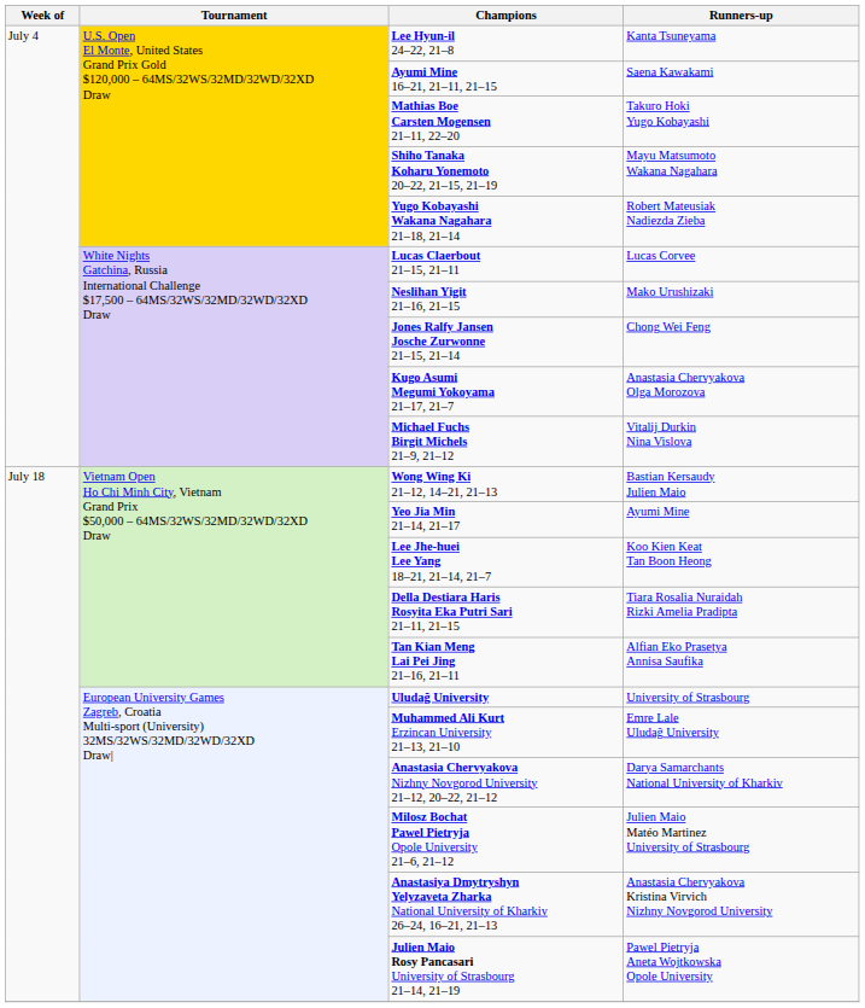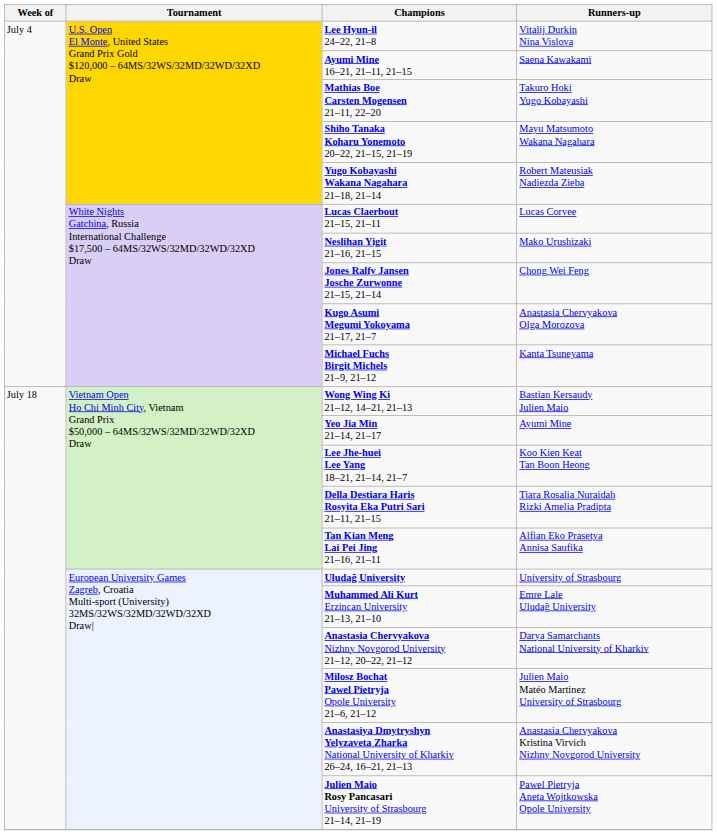 <table class=wikitable style=font-size:85%>
 <tr>
 <th width=75>Week of</th>
 <th width=330>Tournament</th>
 <th width=250>Champions</th>
 <th width=250>Runners-up</th>
 </tr>
 <tr valign=top>
 <td rowspan=10>July 4</td>
 <td style="background:gold;" rowspan="5"><a href='#'>U.S. Open</a><br><a href='#'>El Monte</a>, United States<br>Grand Prix Gold<br>$120,000 – 64MS/32WS/32MD/32WD/32XD<br>Draw</td>
 <td> <strong><a href='#'>Lee Hyun-il</a></strong><br>24–22, 21–8</td>
-<td> <a href='#'>Kanta Tsuneyama</a></td>
+<td> <a href='#'>Vitalij Durkin</a><br> <a href='#'>Nina Vislova</a></td>
 </tr>
 <tr valign=top>
 <td> <strong><a href='#'>Ayumi Mine</a></strong><br>16–21, 21–11, 21–15</td>
 <td> <a href='#'>Saena Kawakami</a></td>
 </tr>
 <tr valign=top>
 <td><strong> <a href='#'>Mathias Boe</a><br> <a href='#'>Carsten Mogensen</a></strong><br>21–11, 22–20</td>
 <td> <a href='#'>Takuro Hoki</a><br> <a href='#'>Yugo Kobayashi</a></td>
 </tr>
 <tr valign=top>
 <td><strong> <a href='#'>Shiho Tanaka</a><br> <a href='#'>Koharu Yonemoto</a></strong><br>20–22, 21–15, 21–19</td>
 <td> <a href='#'>Mayu Matsumoto</a><br> <a href='#'>Wakana Nagahara</a></td>
 </tr>
 <tr valign=top>
 <td><strong> <a href='#'>Yugo Kobayashi</a><br> <a href='#'>Wakana Nagahara</a></strong><br>21–18, 21–14</td>
 <td> <a href='#'>Robert Mateusiak</a><br> <a href='#'>Nadiezda Zieba</a></td>
 </tr>
 <tr valign=top>
 <td style="background:#D8CEF6;" rowspan="5"><a href='#'>White Nights</a><br><a href='#'>Gatchina</a>, Russia<br>International Challenge<br>$17,500 – 64MS/32WS/32MD/32WD/32XD<br>Draw</td>
 <td> <strong><a href='#'>Lucas Claerbout</a></strong><br> 21–15, 21–11</td>
 <td> <a href='#'>Lucas Corvee</a></td>
 </tr>
 <tr valign=top>
 <td> <strong><a href='#'>Neslihan Yigit</a></strong><br> 21–16, 21–15</td>
 <td> <a href='#'>Mako Urushizaki</a></td>
 </tr>
 <tr valign=top>
 <td><strong> <a href='#'>Jones Ralfy Jansen</a><br> <a href='#'>Josche Zurwonne</a></strong><br>21–15, 21–14</td>
 <td> <a href='#'>Chong Wei Feng</a></td>
 </tr>
 <tr valign=top>
 <td><strong> <a href='#'>Kugo Asumi</a><br> <a href='#'>Megumi Yokoyama</a></strong><br>21–17, 21–7</td>
 <td> <a href='#'>Anastasia Chervyakova</a><br> <a href='#'>Olga Morozova</a></td>
 </tr>
 <tr valign=top>
 <td><strong> <a href='#'>Michael Fuchs</a><br> <a href='#'>Birgit Michels</a></strong><br>21–9, 21–12</td>
-<td> <a href='#'>Vitalij Durkin</a><br> <a href='#'>Nina Vislova</a></td>
+<td> <a href='#'>Kanta Tsuneyama</a></td>
 </tr>
 <tr valign=top>
 <td rowspan=11>July 18</td>
 <td style="background:#D4F1C5;" rowspan="5"><a href='#'>Vietnam Open</a><br><a href='#'>Ho Chi Minh City</a>, Vietnam<br>Grand Prix<br>$50,000 – 64MS/32WS/32MD/32WD/32XD<br>Draw</td>
 <td> <strong><a href='#'>Wong Wing Ki</a></strong><br>21–12, 14–21, 21–13</td>
 <td> <a href='#'>Bastian Kersaudy</a><br> <a href='#'>Julien Maio</a></td>
 </tr>
 <tr valign=top>
 <td> <strong><a href='#'>Yeo Jia Min</a></strong><br>21–14, 21–17</td>
 <td> <a href='#'>Ayumi Mine</a></td>
 </tr>
 <tr valign=top>
 <td><strong> <a href='#'>Lee Jhe-huei</a><br> <a href='#'>Lee Yang</a></strong><br>18–21, 21–14, 21–7</td>
 <td> <a href='#'>Koo Kien Keat</a><br> <a href='#'>Tan Boon Heong</a></td>
 </tr>
 <tr valign=top>
 <td><strong> <a href='#'>Della Destiara Haris</a><br> <a href='#'>Rosyita Eka Putri Sari</a></strong><br>21–11, 21–15</td>
 <td> <a href='#'>Tiara Rosalia Nuraidah</a><br> <a href='#'>Rizki Amelia Pradipta</a></td>
 </tr>
 <tr valign=top>
 <td><strong> <a href='#'>Tan Kian Meng</a><br> <a href='#'>Lai Pei Jing</a></strong><br>21–16, 21–11</td>
 <td> <a href='#'>Alfian Eko Prasetya</a><br> <a href='#'>Annisa Saufika</a></td>
 </tr>
 <tr valign=top>
 <td style="background:#ECF2FF;" rowspan="6"><a href='#'>European University Games</a><br><a href='#'>Zagreb</a>, Croatia<br>Multi-sport (University)<br>32MS/32WS/32MD/32WD/32XD<br>Draw|</td>
 <td> <strong><a href='#'>Uludağ University</a></strong><br></td>
 <td> <a href='#'>University of Strasbourg</a></td>
 </tr>
 <tr valign=top>
 <td> <strong><a href='#'>Muhammed Ali Kurt</a></strong><br><a href='#'>Erzincan University</a><br>21–13, 21–10</td>
 <td> <a href='#'>Emre Lale</a><br><a href='#'>Uludağ University</a></td>
 </tr>
 <tr valign=top>
 <td> <strong><a href='#'>Anastasia Chervyakova</a></strong><br><a href='#'>Nizhny Novgorod University</a> <br>21–12, 20–22, 21–12</td>
 <td> <a href='#'>Darya Samarchants</a><br><a href='#'>National University of Kharkiv</a></td>
 </tr>
 <tr valign=top>
 <td> <strong><a href='#'>Milosz Bochat</a><br> <a href='#'>Pawel Pietryja</a></strong><br><a href='#'>Opole University</a><br>21–6, 21–12</td>
 <td> <a href='#'>Julien Maio</a><br> Matéo Martinez<br><a href='#'>University of Strasbourg</a></td>
 </tr>
 <tr valign=top>
 <td> <strong><a href='#'>Anastasiya Dmytryshyn</a><br> <a href='#'>Yelyzaveta Zharka</a></strong><br><a href='#'>National University of Kharkiv</a><br> 26–24, 16–21, 21–13</td>
 <td> <a href='#'>Anastasia Chervyakova</a><br>  Kristina Virvich<br><a href='#'>Nizhny Novgorod University</a></td>
 </tr>
 <tr valign=top>
 <td> <strong><a href='#'>Julien Maio</a><br> Rosy Pancasari</strong><br><a href='#'>University of Strasbourg</a><br>21–14, 21–19</td>
 <td> <a href='#'>Pawel Pietryja</a><br>  <a href='#'>Aneta Wojtkowska</a><br><a href='#'>Opole University</a></td>
 </tr>
 <tr valign=top>
 </tr>
 </table>
